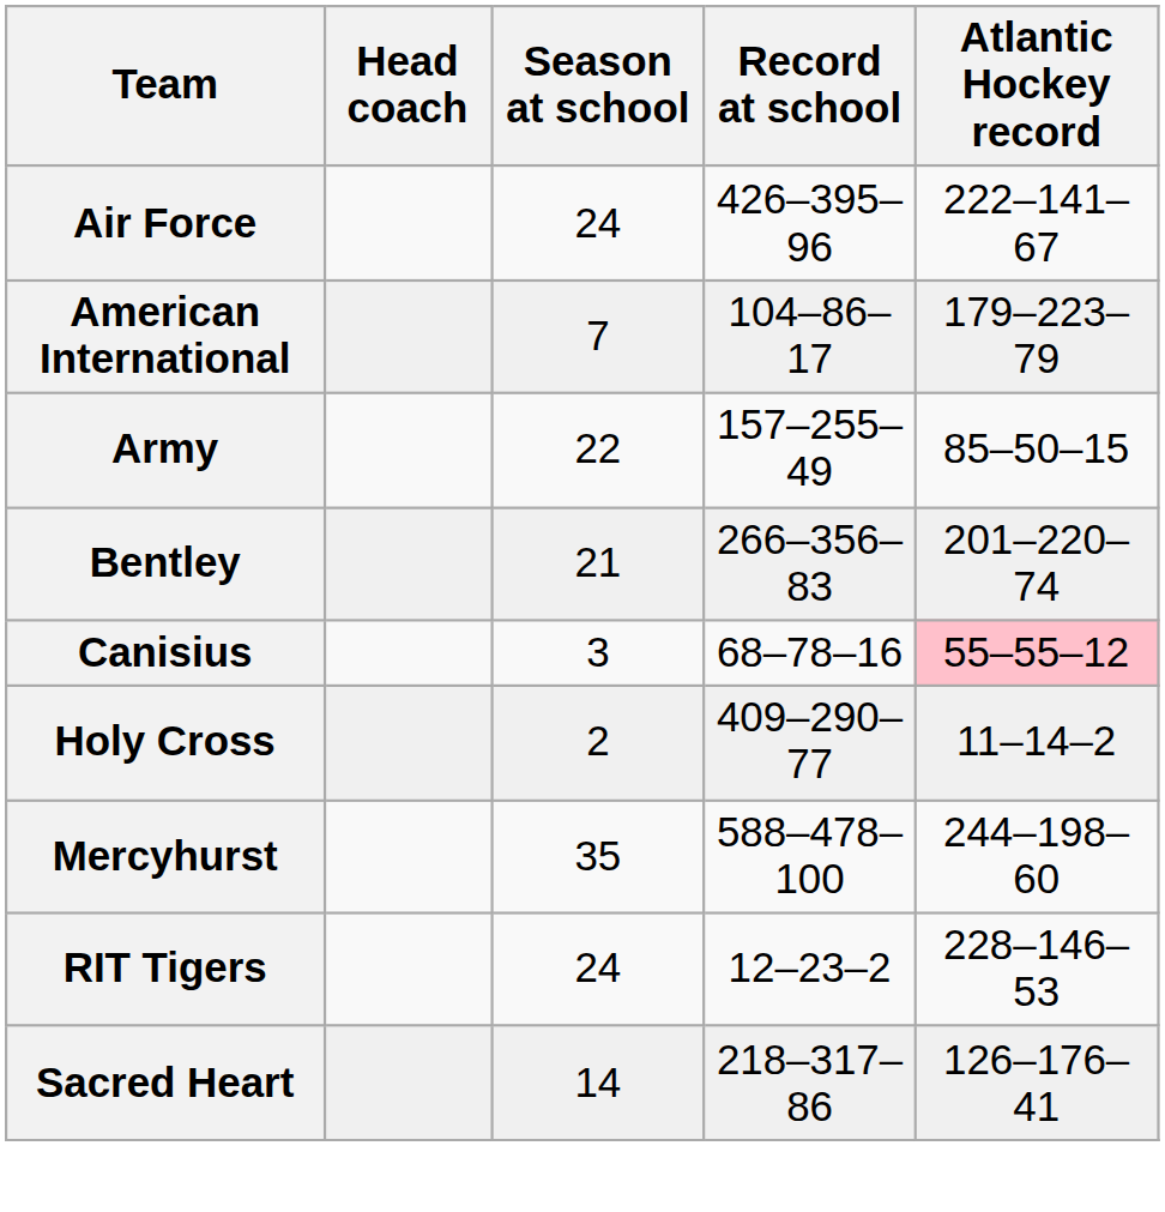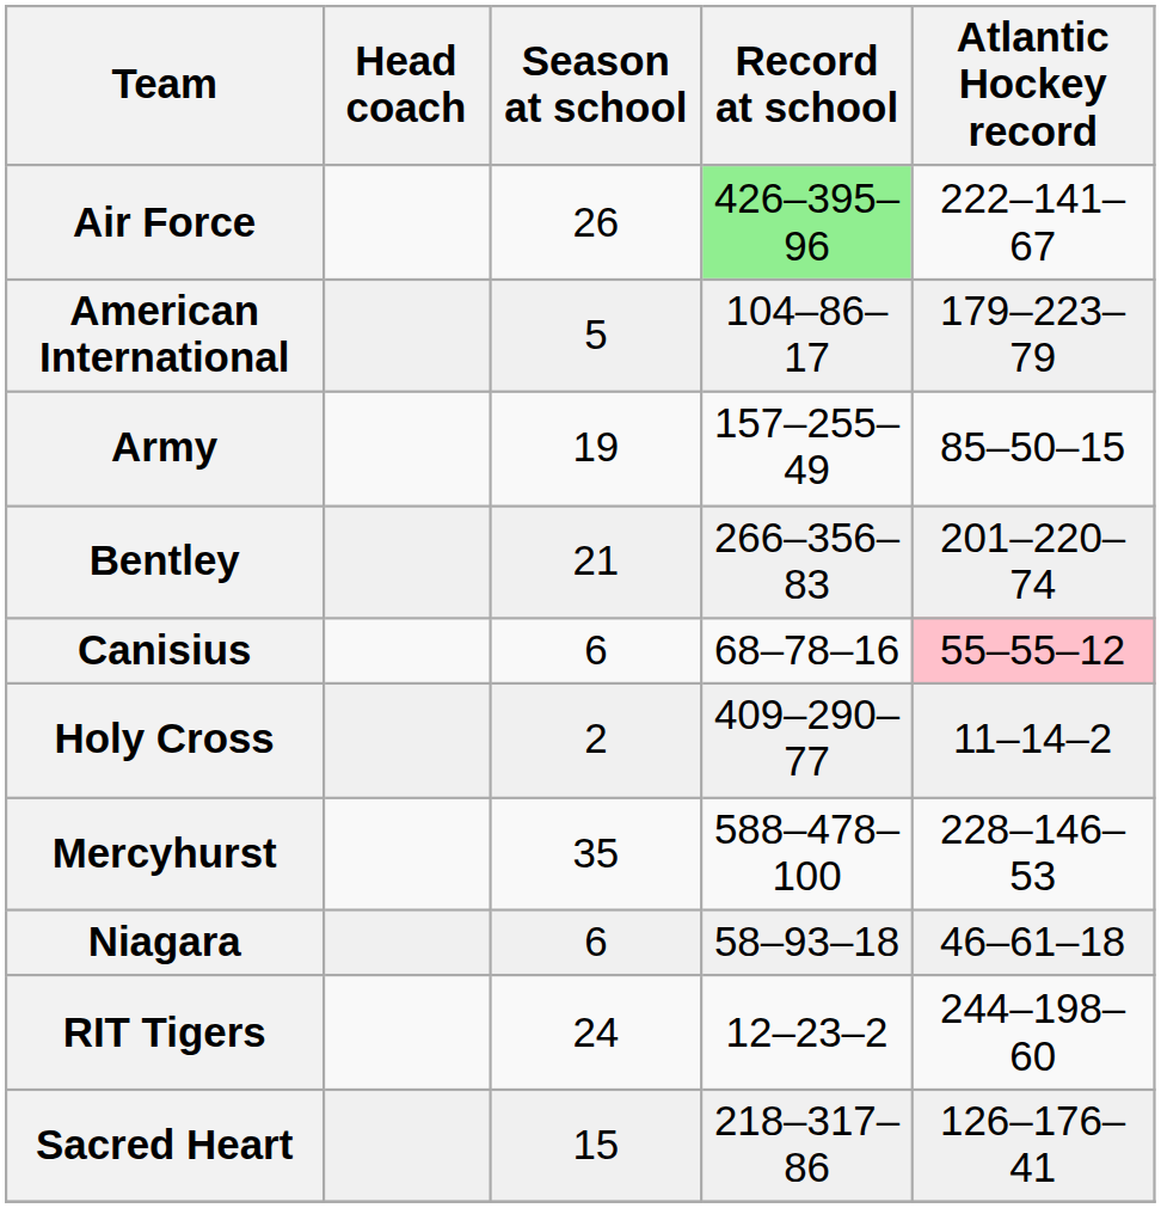 <table class="wikitable sortable" style="text-align: center; "width=50%">
 <tr>
 <th>Team</th>
 <th>Head coach</th>
 <th>Season at school</th>
 <th>Record at school</th>
 <th>Atlantic Hockey record</th>
 </tr>
 <tr>
 <th>Air Force</th>
 <td></td>
-<td>24</td>
-<td>426–395–96</td>
+<td>26</td>
+<td style="background: lightgreen;">426–395–96</td>
 <td>222–141–67</td>
 </tr>
 <tr bgcolor=f0f0f0>
 <th>American International</th>
 <td></td>
-<td>7</td>
+<td>5</td>
 <td>104–86–17</td>
 <td>179–223–79</td>
 </tr>
 <tr>
 <th>Army</th>
 <td></td>
-<td>22</td>
+<td>19</td>
 <td>157–255–49</td>
 <td>85–50–15</td>
 </tr>
 <tr bgcolor=f0f0f0>
 <th>Bentley</th>
 <td></td>
 <td>21</td>
 <td>266–356–83</td>
 <td>201–220–74</td>
 </tr>
 <tr>
 <th>Canisius</th>
 <td></td>
-<td>3</td>
+<td>6</td>
 <td>68–78–16</td>
 <td style="background: pink;">55–55–12</td>
 </tr>
 <tr bgcolor=f0f0f0>
 <th>Holy Cross</th>
 <td></td>
 <td>2</td>
 <td>409–290–77</td>
 <td>11–14–2</td>
 </tr>
 <tr>
 <th>Mercyhurst</th>
 <td></td>
 <td>35</td>
 <td>588–478–100</td>
-<td>244–198–60</td>
+<td>228–146–53</td>
+</tr>
+<tr bgcolor=f0f0f0>
+<th>Niagara</th>
+<td></td>
+<td>6</td>
+<td>58–93–18</td>
+<td>46–61–18</td>
 </tr>
 <tr>
 <th>RIT Tigers</th>
 <td></td>
 <td>24</td>
 <td>12–23–2</td>
-<td>228–146–53</td>
+<td>244–198–60</td>
 </tr>
 <tr bgcolor=f0f0f0>
 <th>Sacred Heart</th>
 <td></td>
-<td>14</td>
+<td>15</td>
 <td>218–317–86</td>
 <td>126–176–41</td>
 </tr>
 <tr>
 </tr>
 </table>
